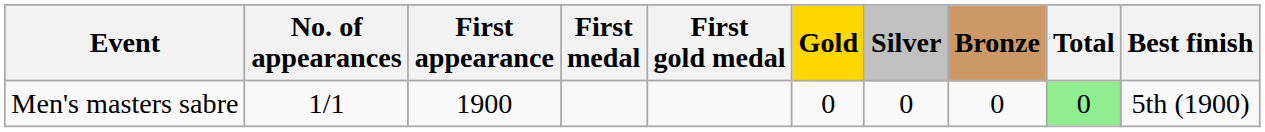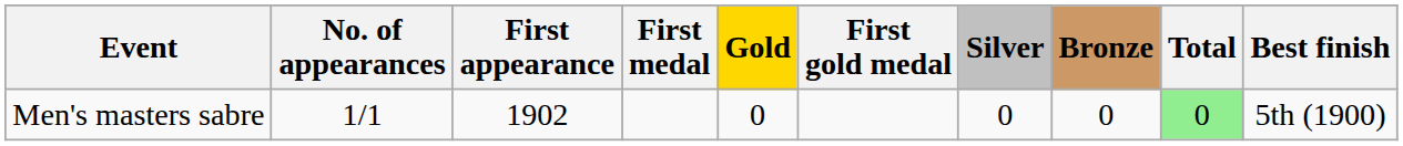 <table class="wikitable sortable" style="text-align:center">
 <tr>
 <th>Event</th>
 <th>No. of<br>appearances</th>
 <th>First<br>appearance</th>
 <th>First<br>medal</th>
+<th style="background-color:gold;">Gold</th>
 <th>First<br>gold medal</th>
-<th style="background-color:gold;">Gold</th>
 <th style="background-color:silver;">Silver</th>
 <th style="background-color:#c96;">Bronze</th>
 <th>Total</th>
 <th>Best finish</th>
 </tr>
 <tr>
 <td align=left>Men's masters sabre</td>
 <td>1/1</td>
-<td>1900</td>
-<td></td>
+<td>1902</td>
 <td></td>
 <td>0</td>
+<td></td>
 <td>0</td>
 <td>0</td>
 <td style="background: lightgreen;">0</td>
 <td>5th (1900)</td>
 </tr>
 </table>
